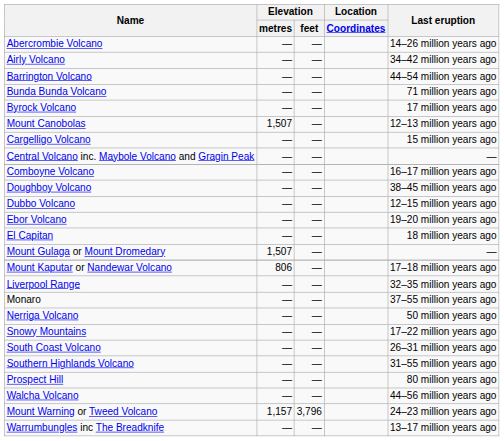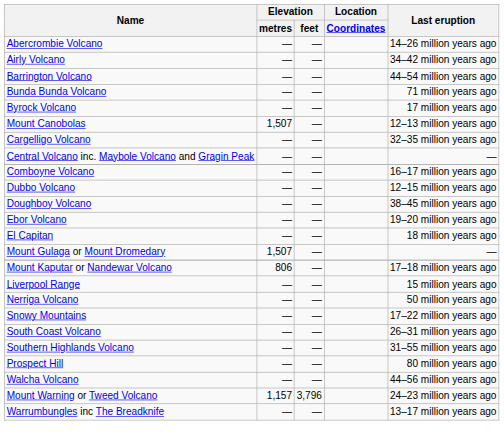 <table class="wikitable sortable" style="text-align: left; ">
 <tr>
 <th rowspan="2">Name</th>
 <th colspan ="2">Elevation</th>
 <th>Location</th>
 <th rowspan="2">Last eruption</th>
 </tr>
 <tr>
 <th>metres</th>
 <th>feet</th>
 <th><a href='#'>Coordinates</a></th>
 </tr>
 <tr align="right">
 <td align="left"><a href='#'>Abercrombie Volcano</a></td>
 <td>—</td>
 <td>—</td>
 <td></td>
 <td>14–26 million years ago</td>
 </tr>
 <tr align="right">
 <td align="left"><a href='#'>Airly Volcano</a></td>
 <td>—</td>
 <td>—</td>
 <td></td>
 <td>34–42 million years ago</td>
 </tr>
 <tr align="right">
 <td align="left"><a href='#'>Barrington Volcano</a></td>
 <td>—</td>
 <td>—</td>
 <td></td>
 <td>44–54 million years ago</td>
 </tr>
 <tr align="right">
 <td align="left"><a href='#'>Bunda Bunda Volcano</a></td>
 <td>—</td>
 <td>—</td>
 <td></td>
 <td>71 million years ago</td>
 </tr>
 <tr align="right">
 <td align="left"><a href='#'>Byrock Volcano</a></td>
 <td>—</td>
 <td>—</td>
 <td></td>
 <td>17 million years ago</td>
 </tr>
 <tr align="right">
 <td align="left"><a href='#'>Mount Canobolas</a></td>
 <td>1,507</td>
 <td>—</td>
 <td></td>
 <td>12–13 million years ago</td>
 </tr>
 <tr align="right">
 <td align="left"><a href='#'>Cargelligo Volcano</a></td>
 <td>—</td>
 <td>—</td>
 <td></td>
-<td>15 million years ago</td>
+<td>32–35 million years ago</td>
 </tr>
 <tr align="right">
 <td align="left"><a href='#'>Central Volcano</a> inc. <a href='#'>Maybole Volcano</a> and <a href='#'>Gragin Peak</a></td>
 <td>—</td>
 <td>—</td>
 <td></td>
 <td>—</td>
 </tr>
 <tr>
 </tr>
 <tr align="right">
 <td align="left"><a href='#'>Comboyne Volcano</a></td>
 <td>—</td>
 <td>—</td>
 <td></td>
 <td>16–17 million years ago</td>
 </tr>
 <tr align="right">
+<td align="left"><a href='#'>Dubbo Volcano</a></td>
+<td>—</td>
+<td>—</td>
+<td></td>
+<td>12–15 million years ago</td>
+</tr>
+<tr align="right">
 <td align="left"><a href='#'>Doughboy Volcano</a></td>
 <td>—</td>
 <td>—</td>
 <td></td>
 <td>38–45 million years ago</td>
-</tr>
-<tr align="right">
-<td align="left"><a href='#'>Dubbo Volcano</a></td>
-<td>—</td>
-<td>—</td>
-<td></td>
-<td>12–15 million years ago</td>
 </tr>
 <tr align="right">
 <td align="left"><a href='#'>Ebor Volcano</a></td>
 <td>—</td>
 <td>—</td>
 <td></td>
 <td>19–20 million years ago</td>
 </tr>
 <tr align="right">
 <td align="left"><a href='#'>El Capitan</a></td>
 <td>—</td>
 <td>—</td>
 <td></td>
 <td>18 million years ago</td>
 </tr>
 <tr align="right">
 <td align="left"><a href='#'>Mount Gulaga</a> or <a href='#'>Mount Dromedary</a></td>
 <td>1,507</td>
 <td>—</td>
 <td></td>
 <td>—</td>
 </tr>
 <tr>
 </tr>
 <tr align="right">
 <td align="left"><a href='#'>Mount Kaputar</a> or <a href='#'>Nandewar Volcano</a></td>
 <td>806</td>
 <td>—</td>
 <td></td>
 <td>17–18 million years ago</td>
 </tr>
 <tr align="right">
 <td align="left"><a href='#'>Liverpool Range</a></td>
 <td>—</td>
 <td>—</td>
 <td></td>
-<td>32–35 million years ago</td>
-</tr>
-<tr align="right">
-<td align="left">Monaro</td>
-<td>—</td>
-<td>—</td>
-<td></td>
-<td>37–55 million years ago</td>
+<td>15 million years ago</td>
 </tr>
 <tr align="right">
 <td align="left"><a href='#'>Nerriga Volcano</a></td>
 <td>—</td>
 <td>—</td>
 <td></td>
 <td>50 million years ago</td>
 </tr>
 <tr align="right">
 <td align="left"><a href='#'>Snowy Mountains</a></td>
 <td>—</td>
 <td>—</td>
 <td></td>
 <td>17–22 million years ago</td>
 </tr>
 <tr align="right">
 <td align="left"><a href='#'>South Coast Volcano</a></td>
 <td>—</td>
 <td>—</td>
 <td></td>
 <td>26–31 million years ago</td>
 </tr>
 <tr align="right">
 <td align="left"><a href='#'>Southern Highlands Volcano</a></td>
 <td>—</td>
 <td>—</td>
 <td></td>
 <td>31–55 million years ago</td>
 </tr>
 <tr align="right">
 <td align="left"><a href='#'>Prospect Hill</a></td>
 <td>—</td>
 <td>—</td>
 <td></td>
 <td>80 million years ago</td>
 </tr>
 <tr align="right">
 <td align="left"><a href='#'>Walcha Volcano</a></td>
 <td>—</td>
 <td>—</td>
 <td></td>
 <td>44–56 million years ago</td>
 </tr>
 <tr align="right">
 <td align="left"><a href='#'>Mount Warning</a> or <a href='#'>Tweed Volcano</a></td>
 <td>1,157</td>
 <td>3,796</td>
 <td></td>
 <td>24–23 million years ago</td>
 </tr>
 <tr align="right">
 <td align="left"><a href='#'>Warrumbungles</a> inc <a href='#'>The Breadknife</a></td>
 <td>—</td>
 <td>—</td>
 <td></td>
 <td>13–17 million years ago</td>
 </tr>
 </table>
